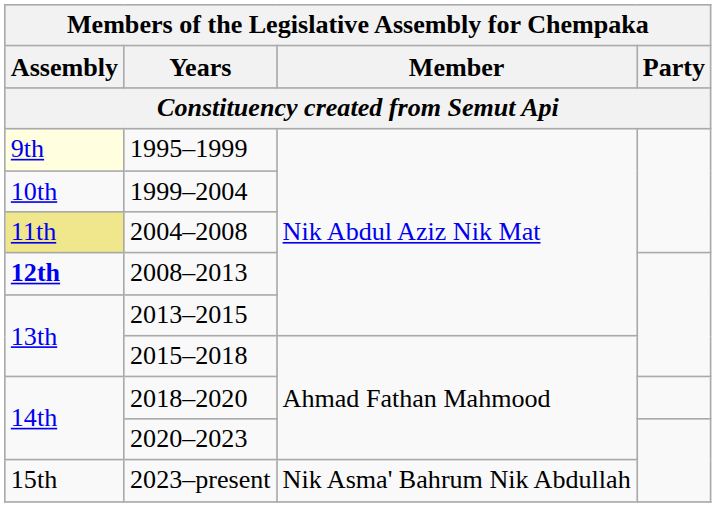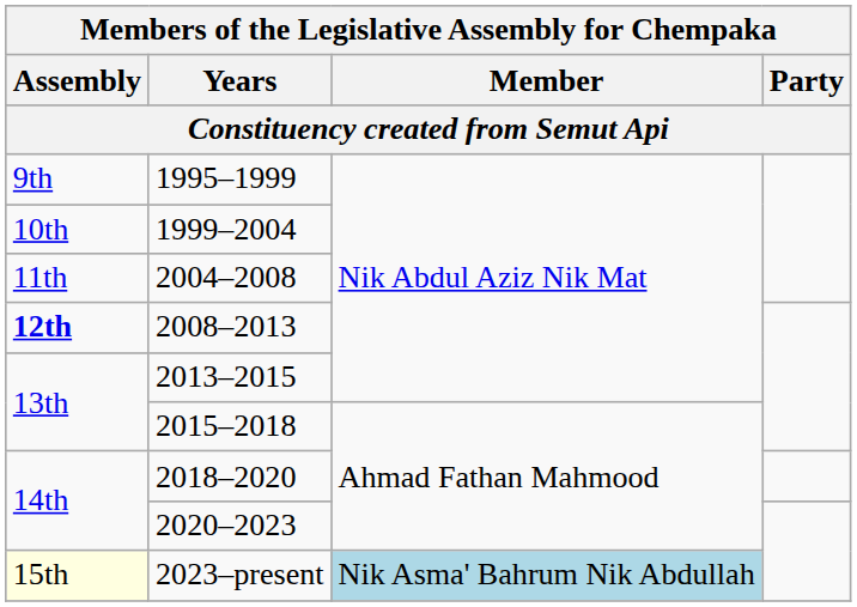 <table class="wikitable">
 <tr>
 <th colspan="4">Members of the Legislative Assembly for Chempaka</th>
 </tr>
 <tr>
 <th>Assembly</th>
 <th>Years</th>
 <th>Member</th>
 <th>Party</th>
 </tr>
 <tr>
 <th colspan="4" align="center"><em>Constituency created from Semut Api</em></th>
 </tr>
 <tr>
-<td style="background: lightyellow;"><a href='#'>9th</a></td>
+<td><a href='#'>9th</a></td>
 <td>1995–1999</td>
 <td rowspan="5"><a href='#'>Nik Abdul Aziz Nik Mat</a></td>
 <td rowspan="3"></td>
 </tr>
 <tr>
 <td><a href='#'>10th</a></td>
 <td>1999–2004</td>
 </tr>
 <tr>
-<td style="background: khaki;"><a href='#'>11th</a></td>
+<td><a href='#'>11th</a></td>
 <td>2004–2008</td>
 </tr>
 <tr>
 <td><strong><a href='#'>12th</a></strong></td>
 <td>2008–2013</td>
 <td rowspan=3></td>
 </tr>
 <tr>
 <td rowspan="2"><a href='#'>13th</a></td>
 <td>2013–2015</td>
 </tr>
 <tr>
 <td>2015–2018</td>
 <td rowspan="3">Ahmad Fathan Mahmood</td>
 </tr>
 <tr>
 <td rowspan="2"><a href='#'>14th</a></td>
 <td>2018–2020</td>
 <td></td>
 </tr>
 <tr>
 <td>2020–2023</td>
 <td rowspan=2></td>
 </tr>
 <tr>
-<td>15th</td>
+<td style="background: lightyellow;">15th</td>
 <td>2023–present</td>
-<td>Nik Asma' Bahrum Nik Abdullah</td>
+<td style="background: lightblue;">Nik Asma' Bahrum Nik Abdullah</td>
 </tr>
 </table>
